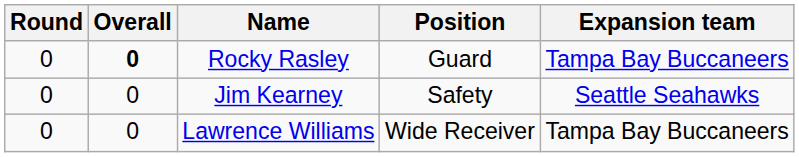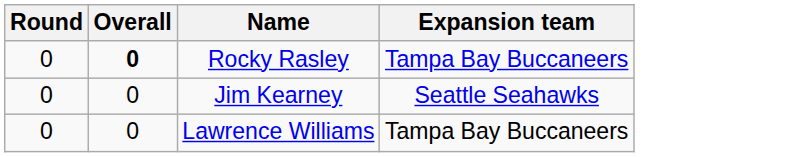 <table class="wikitable" style="text-align:center">
 <tr>
 <th>Round</th>
 <th>Overall</th>
 <th>Name</th>
-<th>Position</th>
 <th>Expansion team</th>
 </tr>
 <tr>
 <td>0</td>
 <td><strong>0</strong></td>
 <td><a href='#'>Rocky Rasley</a></td>
-<td>Guard</td>
 <td><a href='#'>Tampa Bay Buccaneers</a></td>
 </tr>
 <tr>
 <td>0</td>
 <td>0</td>
 <td><a href='#'>Jim Kearney</a></td>
-<td>Safety</td>
 <td><a href='#'>Seattle Seahawks</a></td>
 </tr>
 <tr>
 <td>0</td>
 <td>0</td>
 <td><a href='#'>Lawrence Williams</a></td>
-<td>Wide Receiver</td>
 <td>Tampa Bay Buccaneers</td>
 </tr>
 </table>
